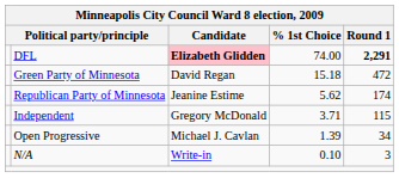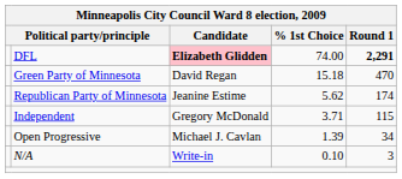 <table class="wikitable" style="font-size:95%">
 <tr>
 <th colspan="5">Minneapolis City Council Ward 8 election, 2009</th>
 </tr>
 <tr>
 <th colspan="2">Political party/principle</th>
 <th>Candidate</th>
 <th>% 1st Choice</th>
 <th>Round 1</th>
 </tr>
 <tr>
 <td style="background-color:"></td>
 <td><a href='#'>DFL</a></td>
 <td style="background: pink;"><strong>Elizabeth Glidden</strong></td>
 <td align="right">74.00</td>
 <td align="right"><strong>2,291</strong></td>
 </tr>
 <tr>
 <td style="background-color:"></td>
 <td><a href='#'>Green Party of Minnesota</a></td>
 <td>David Regan</td>
 <td align="right">15.18</td>
-<td align="right">472</td>
+<td align="right">470</td>
 </tr>
 <tr>
 <td style="background-color:"></td>
 <td><a href='#'>Republican Party of Minnesota</a></td>
 <td>Jeanine Estime</td>
 <td align="right">5.62</td>
 <td align="right">174</td>
 </tr>
 <tr>
 <td style="background-color:"></td>
 <td><a href='#'>Independent</a></td>
 <td>Gregory McDonald</td>
 <td align="right">3.71</td>
 <td align="right">115</td>
 </tr>
 <tr>
 <td style="background-color:"></td>
 <td>Open Progressive</td>
 <td>Michael J. Cavlan</td>
 <td align="right">1.39</td>
 <td align="right">34</td>
 </tr>
 <tr>
 <td style="background-color:"></td>
 <td><em>N/A</em></td>
 <td><a href='#'>Write-in</a></td>
 <td align="right">0.10</td>
 <td align="right">3</td>
 </tr>
 <tr>
 <td colspan="5"></td>
 </tr>
 </table>
